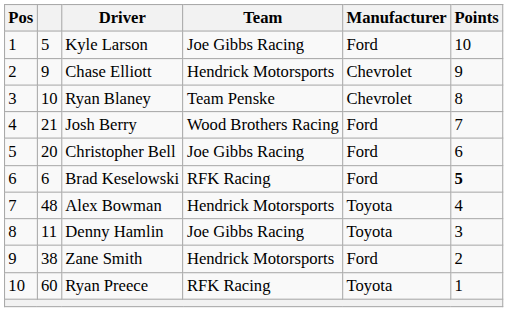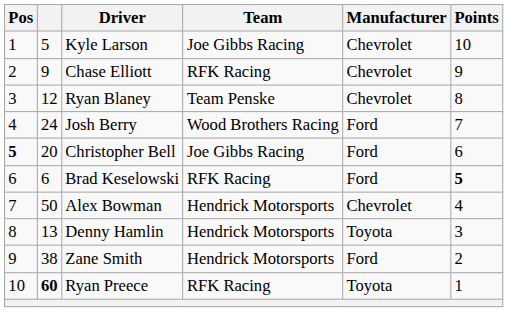 <table class="wikitable" style="font-size:98%">
 <tr>
 <th>Pos</th>
 <th></th>
 <th>Driver</th>
 <th>Team</th>
 <th>Manufacturer</th>
 <th>Points</th>
 </tr>
 <tr>
 <td>1</td>
 <td>5</td>
 <td>Kyle Larson</td>
 <td>Joe Gibbs Racing</td>
-<td>Ford</td>
+<td>Chevrolet</td>
 <td>10</td>
 </tr>
 <tr>
 <td>2</td>
 <td>9</td>
 <td>Chase Elliott</td>
-<td>Hendrick Motorsports</td>
+<td>RFK Racing</td>
 <td>Chevrolet</td>
 <td>9</td>
 </tr>
 <tr>
 <td>3</td>
-<td>10</td>
+<td>12</td>
 <td>Ryan Blaney</td>
 <td>Team Penske</td>
 <td>Chevrolet</td>
 <td>8</td>
 </tr>
 <tr>
 <td>4</td>
-<td>21</td>
+<td>24</td>
 <td>Josh Berry</td>
 <td>Wood Brothers Racing</td>
 <td>Ford</td>
 <td>7</td>
 </tr>
 <tr>
-<td>5</td>
+<td><strong>5</strong></td>
 <td>20</td>
 <td>Christopher Bell</td>
 <td>Joe Gibbs Racing</td>
 <td>Ford</td>
 <td>6</td>
 </tr>
 <tr>
 <td>6</td>
 <td>6</td>
 <td>Brad Keselowski</td>
 <td>RFK Racing</td>
 <td>Ford</td>
 <td><strong>5</strong></td>
 </tr>
 <tr>
 <td>7</td>
-<td>48</td>
+<td>50</td>
 <td>Alex Bowman</td>
 <td>Hendrick Motorsports</td>
-<td>Toyota</td>
+<td>Chevrolet</td>
 <td>4</td>
 </tr>
 <tr>
 <td>8</td>
-<td>11</td>
+<td>13</td>
 <td>Denny Hamlin</td>
-<td>Joe Gibbs Racing</td>
+<td>Hendrick Motorsports</td>
 <td>Toyota</td>
 <td>3</td>
 </tr>
 <tr>
 <td>9</td>
 <td>38</td>
 <td>Zane Smith</td>
 <td>Hendrick Motorsports</td>
 <td>Ford</td>
 <td>2</td>
 </tr>
 <tr>
 <td>10</td>
-<td>60</td>
+<td><strong>60</strong></td>
 <td>Ryan Preece</td>
 <td>RFK Racing</td>
 <td>Toyota</td>
 <td>1</td>
 </tr>
 <tr>
 <th colspan="6"></th>
 </tr>
 </table>
